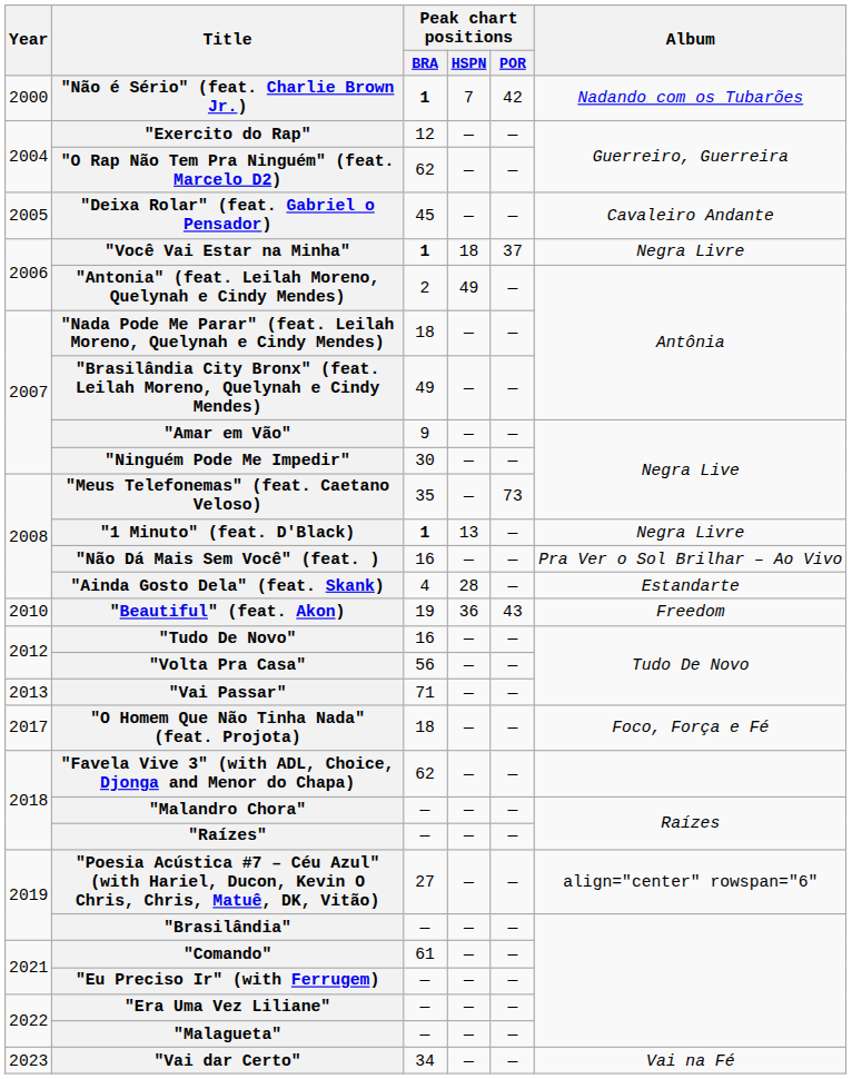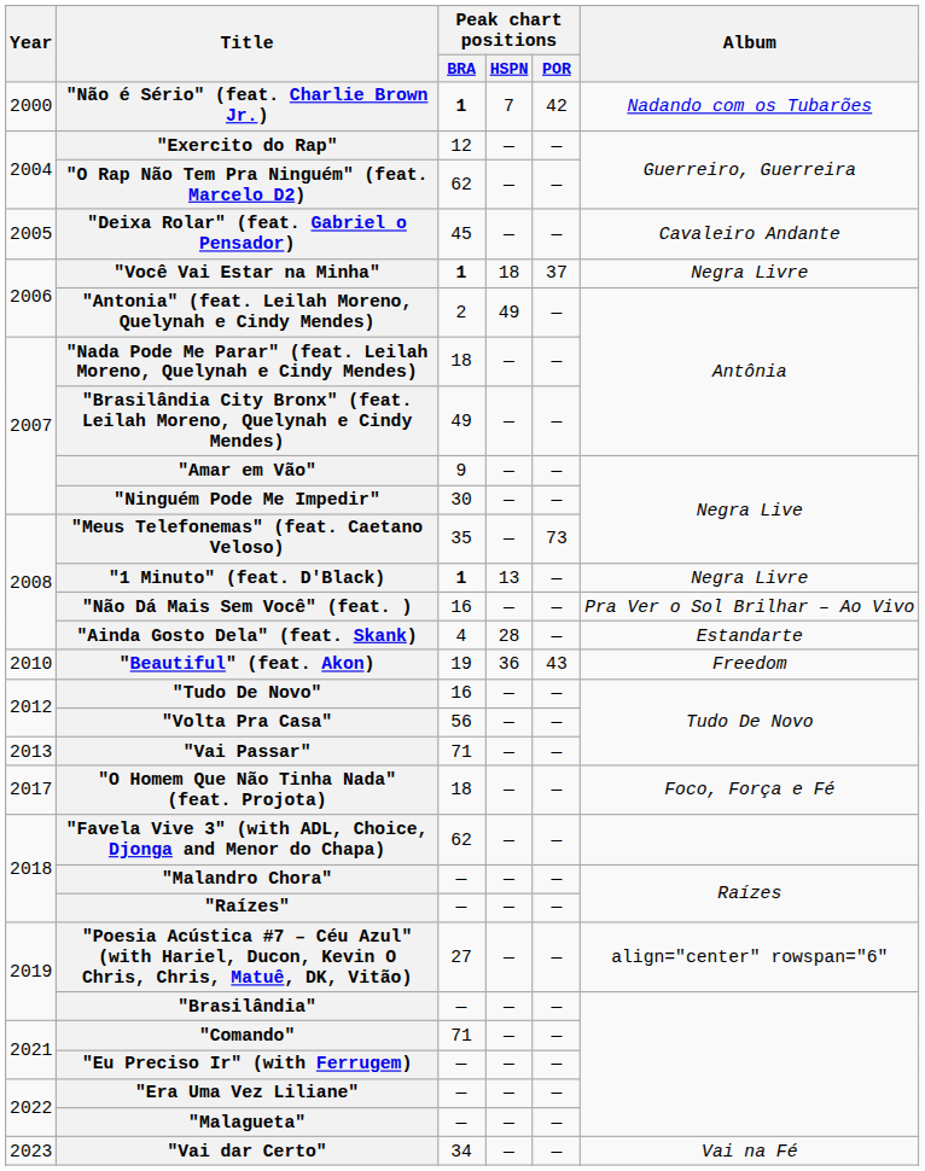 <table class="wikitable plainrowheaders" style="text-align:center;">
 <tr>
 <th scope="col" rowspan="2">Year</th>
 <th scope="col" rowspan="2" style="width:21em;">Title</th>
 <th scope="col" colspan="3">Peak chart positions</th>
 <th scope="col" rowspan="2">Album</th>
 </tr>
 <tr>
 <th scope="col" style="width:2.5em;font-size:90%;"><a href='#'>BRA</a></th>
 <th scope="col" style="width:2.5em;font-size:90%;"><a href='#'>HSPN</a></th>
 <th scope="col" style="width:2.5em;font-size:90%;"><a href='#'>POR</a></th>
 </tr>
 <tr>
 <td>2000</td>
 <th scope="row">"Não é Sério" (feat. <a href='#'>Charlie Brown Jr.</a>)</th>
 <td><strong>1</strong></td>
 <td>7</td>
 <td>42</td>
 <td align="center" rowspan="1"><em><a href='#'>Nadando com os Tubarões</a></em></td>
 </tr>
 <tr>
 <td rowspan="2">2004</td>
 <th scope="row">"Exercito do Rap"</th>
 <td>12</td>
 <td>—</td>
 <td>—</td>
 <td align="center" rowspan="2"><em>Guerreiro, Guerreira</em></td>
 </tr>
 <tr>
 <th scope="row">"O Rap Não Tem Pra Ninguém" (feat. <a href='#'>Marcelo D2</a>)</th>
 <td>62</td>
 <td>—</td>
 <td>—</td>
 </tr>
 <tr>
 <td>2005</td>
 <th scope="row">"Deixa Rolar" (feat. <a href='#'>Gabriel o Pensador</a>)</th>
 <td>45</td>
 <td>—</td>
 <td>—</td>
 <td align="center" rowspan="1"><em>Cavaleiro Andante</em></td>
 </tr>
 <tr>
 <td rowspan="2">2006</td>
 <th scope="row">"Você Vai Estar na Minha"</th>
 <td><strong>1</strong></td>
 <td>18</td>
 <td>37</td>
 <td align="center" rowspan="1"><em>Negra Livre</em></td>
 </tr>
 <tr>
 <th scope="row">"Antonia" (feat. Leilah Moreno, Quelynah e Cindy Mendes)</th>
 <td>2</td>
 <td>49</td>
 <td>—</td>
 <td align="center" rowspan="3"><em>Antônia</em></td>
 </tr>
 <tr>
 <td rowspan="4">2007</td>
 <th scope="row">"Nada Pode Me Parar" (feat. Leilah Moreno, Quelynah e Cindy Mendes)</th>
 <td>18</td>
 <td>—</td>
 <td>—</td>
 </tr>
 <tr>
 <th scope="row">"Brasilândia City Bronx" (feat. Leilah Moreno, Quelynah e Cindy Mendes)</th>
 <td>49</td>
 <td>—</td>
 <td>—</td>
 </tr>
 <tr>
 <th scope="row">"Amar em Vão"</th>
 <td>9</td>
 <td>—</td>
 <td>—</td>
 <td align="center" rowspan="3"><em>Negra Live</em></td>
 </tr>
 <tr>
 <th scope="row">"Ninguém Pode Me Impedir"</th>
 <td>30</td>
 <td>—</td>
 <td>—</td>
 </tr>
 <tr>
 <td rowspan="4">2008</td>
 <th scope="row">"Meus Telefonemas" (feat. Caetano Veloso)</th>
 <td>35</td>
 <td>—</td>
 <td>73</td>
 </tr>
 <tr>
 <th scope="row">"1 Minuto" (feat. D'Black)</th>
 <td><strong>1</strong></td>
 <td>13</td>
 <td>—</td>
 <td align="center" rowspan="1"><em>Negra Livre</em></td>
 </tr>
 <tr>
 <th scope="row">"Não Dá Mais Sem Você" (feat. )</th>
 <td>16</td>
 <td>—</td>
 <td>—</td>
 <td align="center" rowspan="1"><em>Pra Ver o Sol Brilhar – Ao Vivo</em></td>
 </tr>
 <tr>
 <th scope="row">"Ainda Gosto Dela" (feat. <a href='#'>Skank</a>)</th>
 <td>4</td>
 <td>28</td>
 <td>—</td>
 <td align="center" rowspan="1"><em>Estandarte</em></td>
 </tr>
 <tr>
 <td>2010</td>
 <th scope="row">"<a href='#'>Beautiful</a>" (feat. <a href='#'>Akon</a>)</th>
 <td>19</td>
 <td>36</td>
 <td>43</td>
 <td align="center" rowspan="1"><em>Freedom</em></td>
 </tr>
 <tr>
 <td rowspan="2">2012</td>
 <th scope="row">"Tudo De Novo"</th>
 <td>16</td>
 <td>—</td>
 <td>—</td>
 <td align="center" rowspan="3"><em>Tudo De Novo</em></td>
 </tr>
 <tr>
 <th scope="row">"Volta Pra Casa"</th>
 <td>56</td>
 <td>—</td>
 <td>—</td>
 </tr>
 <tr>
 <td>2013</td>
 <th scope="row">"Vai Passar"</th>
 <td>71</td>
 <td>—</td>
 <td>—</td>
 </tr>
 <tr>
 <td>2017</td>
 <th scope="row">"O Homem Que Não Tinha Nada" (feat. Projota)</th>
 <td>18</td>
 <td>—</td>
 <td>—</td>
 <td align="center" rowspan="1"><em>Foco, Força e Fé</em></td>
 </tr>
 <tr>
 <td rowspan="3">2018</td>
 <th scope="row">"Favela Vive 3" (with ADL, Choice, <a href='#'>Djonga</a> and Menor do Chapa)</th>
 <td>62</td>
 <td>—</td>
 <td>—</td>
 <td></td>
 </tr>
 <tr>
 <th scope="row">"Malandro Chora"</th>
 <td>—</td>
 <td>—</td>
 <td>—</td>
 <td align="center" rowspan="2"><em>Raízes</em></td>
 </tr>
 <tr>
 <th scope="row">"Raízes"</th>
 <td>—</td>
 <td>—</td>
 <td>—</td>
 </tr>
 <tr>
 <td rowspan="2">2019</td>
 <th scope="row">"Poesia Acústica #7 – Céu Azul" (with Hariel, Ducon, Kevin O Chris, Chris, <a href='#'>Matuê</a>, DK, Vitão)</th>
 <td>27</td>
 <td>—</td>
 <td>—</td>
 <td>align="center" rowspan="6" </td>
 </tr>
 <tr>
 <th scope="row">"Brasilândia"</th>
 <td>—</td>
 <td>—</td>
 <td>—</td>
 </tr>
 <tr>
 <td rowspan="2">2021</td>
 <th scope="row">"Comando"</th>
-<td>61</td>
+<td>71</td>
 <td>—</td>
 <td>—</td>
 </tr>
 <tr>
 <th scope="row">"Eu Preciso Ir" (with <a href='#'>Ferrugem</a>)</th>
 <td>—</td>
 <td>—</td>
 <td>—</td>
 </tr>
 <tr>
 <td rowspan="2">2022</td>
 <th scope="row">"Era Uma Vez Liliane"</th>
 <td>—</td>
 <td>—</td>
 <td>—</td>
 </tr>
 <tr>
 <th scope="row">"Malagueta"</th>
 <td>—</td>
 <td>—</td>
 <td>—</td>
 </tr>
 <tr>
 <td rowspan="1">2023</td>
 <th scope="row">"Vai dar Certo"</th>
 <td>34</td>
 <td>—</td>
 <td>—</td>
 <td align="center" rowspan="1"><em>Vai na Fé</em></td>
 </tr>
 </table>
